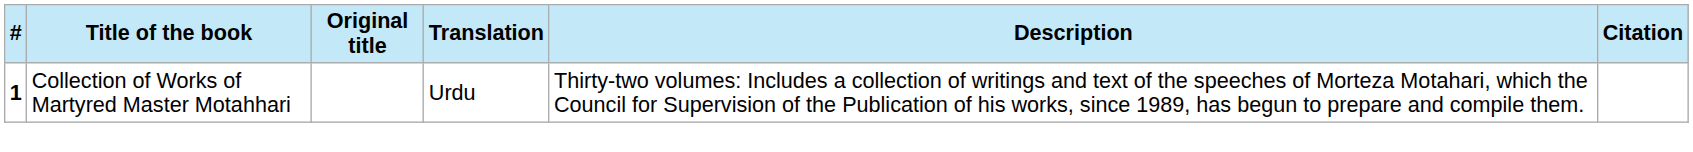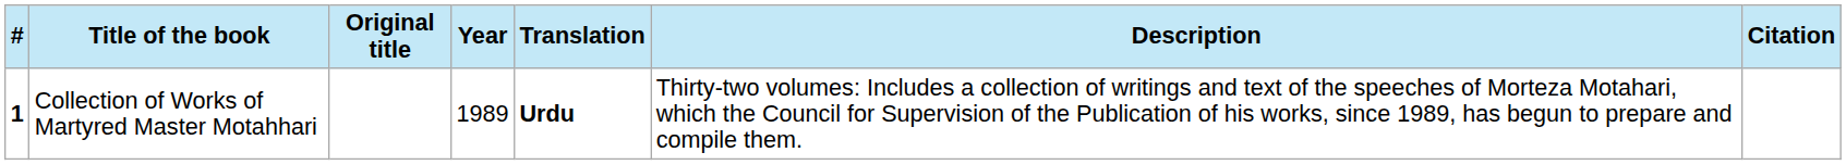 <table class="wikitable" style="background-color:#ffffff; color:#000000">
 <tr>
 <th style="background-color:#c3e8f7;">#</th>
 <th style="background-color:#c3e8f7;">Title of the book</th>
 <th style="background-color:#c3e8f7;">Original title</th>
+<th style="background-color:#c3e8f7;">Year</th>
 <th style="background-color:#c3e8f7;">Translation</th>
 <th style="background-color:#c3e8f7;">Description</th>
 <th style="background-color:#c3e8f7;">Citation</th>
 </tr>
 <tr>
 <td><strong>1</strong></td>
 <td>Collection of Works of Martyred Master Motahhari</td>
 <td></td>
-<td>Urdu</td>
+<td>1989</td>
+<td><strong>Urdu</strong></td>
 <td>Thirty-two volumes: Includes a collection of writings and text of the speeches of Morteza Motahari, which the Council for Supervision of the Publication of his works, since 1989, has begun to prepare and compile them.</td>
 <td></td>
 </tr>
 </table>
